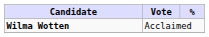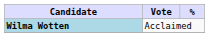 <table class="wikitable">
 <tr>
 <th style="background:#ddf; width:200px;">Candidate</th>
 <th style="background:#ddf; width:50px;">Vote</th>
 <th style="background:#ddf; width:30px;">%</th>
 </tr>
 <tr>
-<td><strong>Wilma Wotten</strong></td>
+<td style="background: lightblue;"><strong>Wilma Wotten</strong></td>
 <td colspan="2">Acclaimed</td>
 </tr>
 <tr>
 </tr>
 </table>
